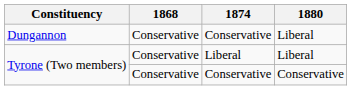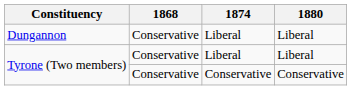 <table class="wikitable">
 <tr>
 <th>Constituency</th>
 <th>1868</th>
 <th>1874</th>
 <th>1880</th>
 </tr>
 <tr>
 <td><a href='#'>Dungannon</a></td>
 <td>Conservative</td>
-<td>Conservative</td>
+<td>Liberal</td>
 <td>Liberal</td>
 </tr>
 <tr>
 <td rowspan="2"><a href='#'>Tyrone</a> (Two members)</td>
 <td>Conservative</td>
 <td>Liberal</td>
 <td>Liberal</td>
 </tr>
 <tr>
 <td>Conservative</td>
 <td>Conservative</td>
 <td>Conservative</td>
 </tr>
 </table>
